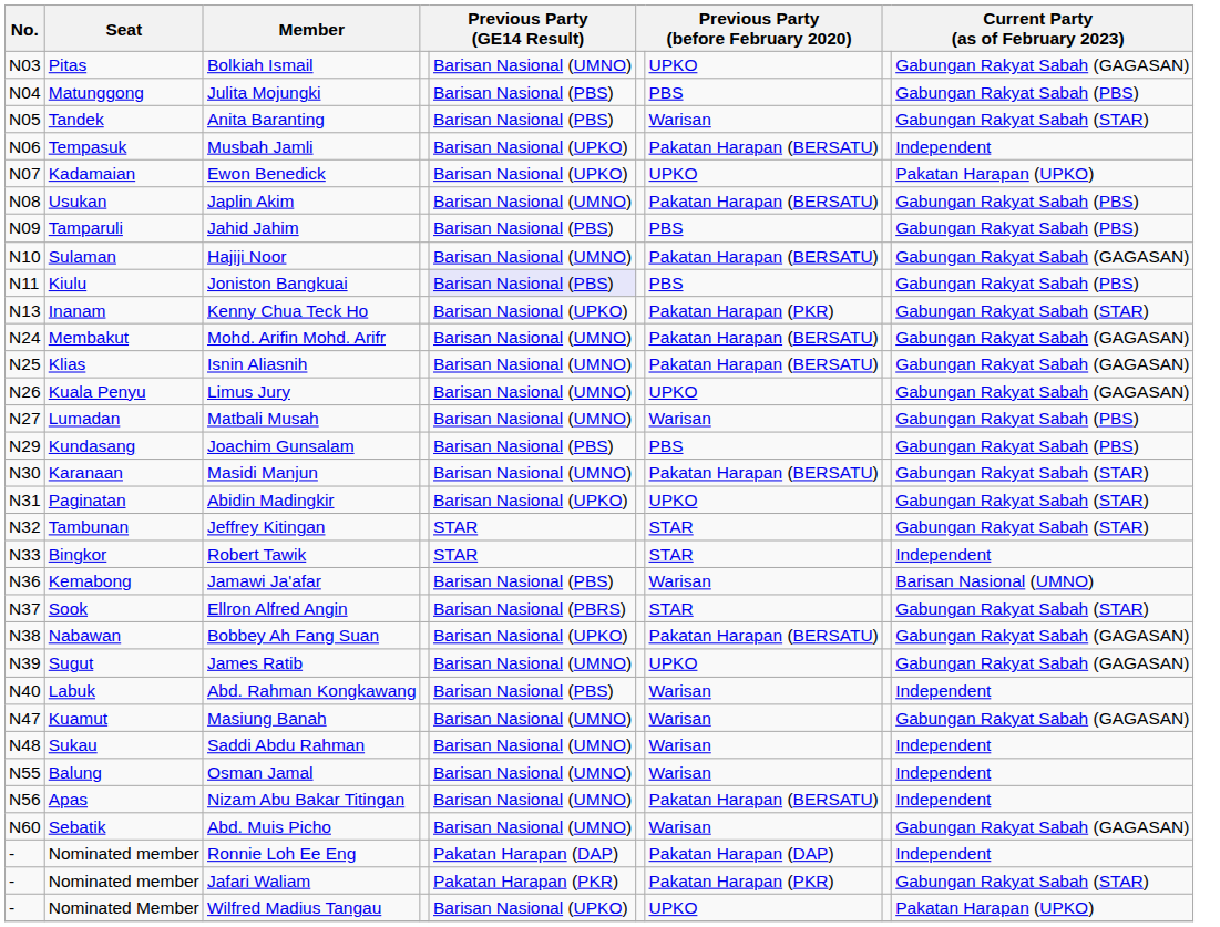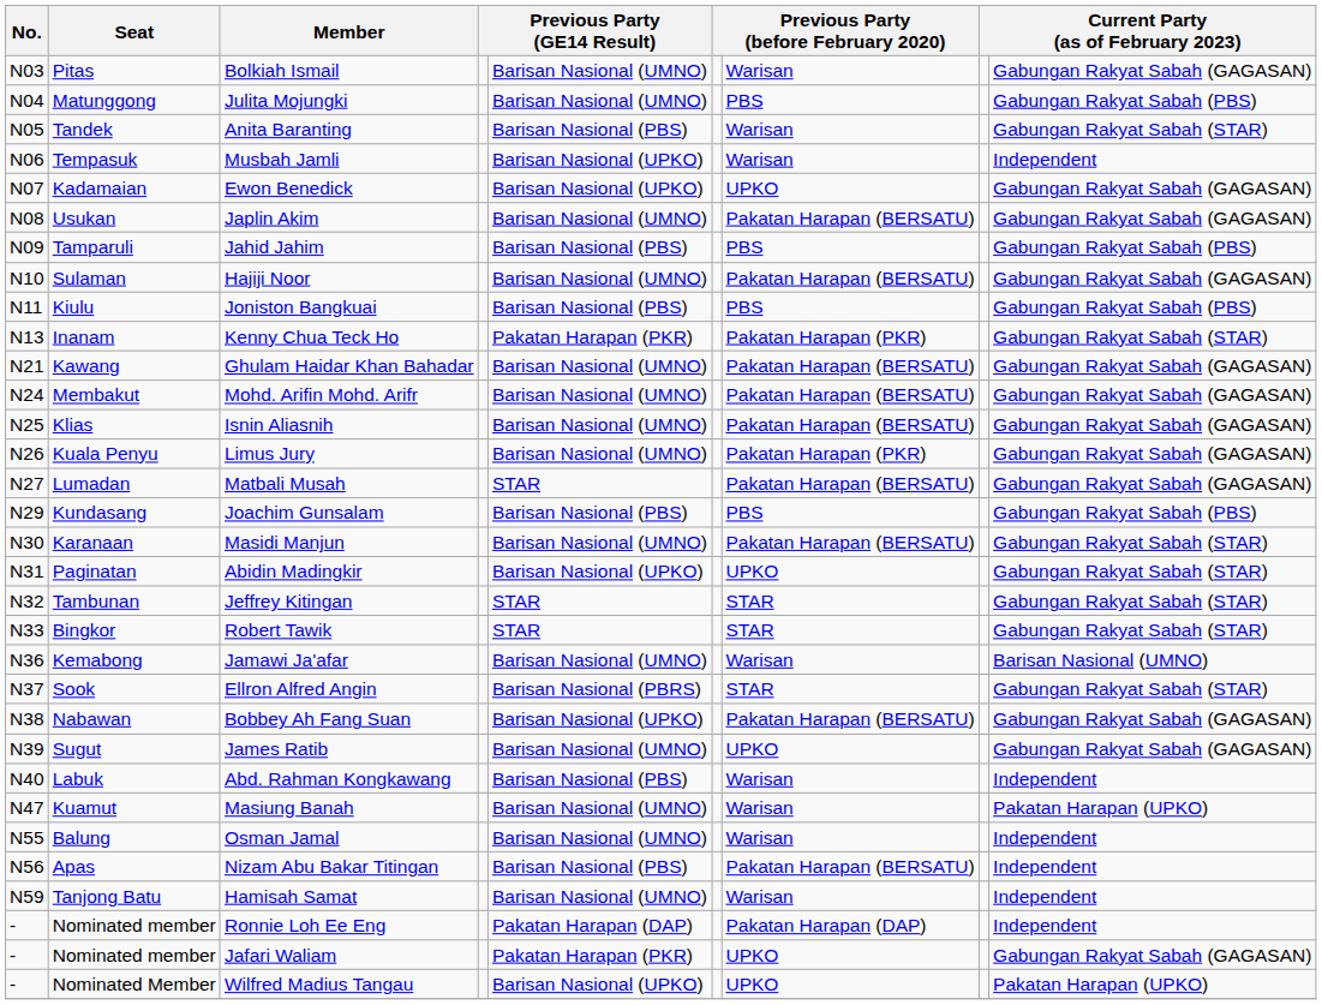 <table class="wikitable sortable mw-collapsible mw-collapsed" style="font-size:95%;">
 <tr>
 <th scope="col">No.</th>
 <th scope="col">Seat</th>
 <th scope="col">Member</th>
 <th colspan="2" scope="col">Previous Party<br>(GE14 Result)</th>
 <th colspan="2" scope="col">Previous Party<br>(before February 2020)</th>
 <th colspan="2" scope="col">Current Party<br>(as of February 2023)</th>
 </tr>
 <tr>
 <td>N03</td>
 <td><a href='#'>Pitas</a></td>
 <td><a href='#'>Bolkiah Ismail</a></td>
 <td width="1"></td>
 <td><a href='#'>Barisan Nasional</a> (<a href='#'>UMNO</a>)</td>
 <td width="1"></td>
-<td><a href='#'>UPKO</a></td>
+<td><a href='#'>Warisan</a></td>
 <td width="1"></td>
 <td><a href='#'>Gabungan Rakyat Sabah</a> (GAGASAN)</td>
 </tr>
 <tr>
 <td>N04</td>
 <td><a href='#'>Matunggong</a></td>
 <td><a href='#'>Julita Mojungki</a></td>
 <td width="1"></td>
-<td><a href='#'>Barisan Nasional</a> (<a href='#'>PBS</a>)</td>
+<td><a href='#'>Barisan Nasional</a> (<a href='#'>UMNO</a>)</td>
 <td width="1"></td>
 <td><a href='#'>PBS</a></td>
 <td width="1"></td>
 <td><a href='#'>Gabungan Rakyat Sabah</a> (<a href='#'>PBS</a>)</td>
 </tr>
 <tr>
 <td>N05</td>
 <td><a href='#'>Tandek</a></td>
 <td><a href='#'>Anita Baranting</a></td>
 <td width="1"></td>
 <td><a href='#'>Barisan Nasional</a> (<a href='#'>PBS</a>)</td>
 <td width="1"></td>
 <td><a href='#'>Warisan</a></td>
 <td width="1"></td>
 <td><a href='#'>Gabungan Rakyat Sabah</a> (<a href='#'>STAR</a>)</td>
 </tr>
 <tr>
 <td>N06</td>
 <td><a href='#'>Tempasuk</a></td>
 <td><a href='#'>Musbah Jamli</a></td>
 <td width="1"></td>
 <td><a href='#'>Barisan Nasional</a> (<a href='#'>UPKO</a>)</td>
 <td width="1"></td>
-<td><a href='#'>Pakatan Harapan</a> (<a href='#'>BERSATU</a>)</td>
+<td><a href='#'>Warisan</a></td>
 <td width="1"></td>
 <td><a href='#'>Independent</a></td>
 </tr>
 <tr>
 <td>N07</td>
 <td><a href='#'>Kadamaian</a></td>
 <td><a href='#'>Ewon Benedick</a></td>
 <td width="1"></td>
 <td><a href='#'>Barisan Nasional</a> (<a href='#'>UPKO</a>)</td>
 <td width="1"></td>
 <td><a href='#'>UPKO</a></td>
 <td width="1"></td>
-<td><a href='#'>Pakatan Harapan</a> (<a href='#'>UPKO</a>)</td>
+<td><a href='#'>Gabungan Rakyat Sabah</a> (GAGASAN)</td>
 </tr>
 <tr>
 <td>N08</td>
 <td><a href='#'>Usukan</a></td>
 <td><a href='#'>Japlin Akim</a></td>
 <td width="1"></td>
 <td><a href='#'>Barisan Nasional</a> (<a href='#'>UMNO</a>)</td>
 <td width="1"></td>
 <td><a href='#'>Pakatan Harapan</a> (<a href='#'>BERSATU</a>)</td>
 <td width="1"></td>
-<td><a href='#'>Gabungan Rakyat Sabah</a> (<a href='#'>PBS</a>)</td>
+<td><a href='#'>Gabungan Rakyat Sabah</a> (GAGASAN)</td>
 </tr>
 <tr>
 <td>N09</td>
 <td><a href='#'>Tamparuli</a></td>
 <td><a href='#'>Jahid Jahim</a></td>
 <td width="1"></td>
 <td><a href='#'>Barisan Nasional</a> (<a href='#'>PBS</a>)</td>
 <td width="1"></td>
 <td><a href='#'>PBS</a></td>
 <td width="1"></td>
 <td><a href='#'>Gabungan Rakyat Sabah</a> (<a href='#'>PBS</a>)</td>
 </tr>
 <tr>
 <td>N10</td>
 <td><a href='#'>Sulaman</a></td>
 <td><a href='#'>Hajiji Noor</a></td>
 <td width="1"></td>
 <td><a href='#'>Barisan Nasional</a> (<a href='#'>UMNO</a>)</td>
 <td width="1"></td>
 <td><a href='#'>Pakatan Harapan</a> (<a href='#'>BERSATU</a>)</td>
 <td width="1"></td>
 <td><a href='#'>Gabungan Rakyat Sabah</a> (GAGASAN)</td>
 </tr>
 <tr>
 <td>N11</td>
 <td><a href='#'>Kiulu</a></td>
 <td><a href='#'>Joniston Bangkuai</a></td>
 <td width="1"></td>
-<td style="background: lavender;"><a href='#'>Barisan Nasional</a> (<a href='#'>PBS</a>)</td>
+<td><a href='#'>Barisan Nasional</a> (<a href='#'>PBS</a>)</td>
 <td width="1"></td>
 <td><a href='#'>PBS</a></td>
 <td width="1"></td>
 <td><a href='#'>Gabungan Rakyat Sabah</a> (<a href='#'>PBS</a>)</td>
 </tr>
 <tr>
 <td>N13</td>
 <td><a href='#'>Inanam</a></td>
 <td><a href='#'>Kenny Chua Teck Ho</a></td>
 <td width="1"></td>
-<td><a href='#'>Barisan Nasional</a> (<a href='#'>UPKO</a>)</td>
+<td><a href='#'>Pakatan Harapan</a> (<a href='#'>PKR</a>)</td>
 <td width="1"></td>
 <td><a href='#'>Pakatan Harapan</a> (<a href='#'>PKR</a>)</td>
 <td width="1"></td>
 <td><a href='#'>Gabungan Rakyat Sabah</a> (<a href='#'>STAR</a>)</td>
+</tr>
+<tr>
+<td>N21</td>
+<td><a href='#'>Kawang</a></td>
+<td><a href='#'>Ghulam Haidar Khan Bahadar</a></td>
+<td width="1"></td>
+<td><a href='#'>Barisan Nasional</a> (<a href='#'>UMNO</a>)</td>
+<td width="1"></td>
+<td><a href='#'>Pakatan Harapan</a> (<a href='#'>BERSATU</a>)</td>
+<td width="1"></td>
+<td><a href='#'>Gabungan Rakyat Sabah</a> (GAGASAN)</td>
 </tr>
 <tr>
 <td>N24</td>
 <td><a href='#'>Membakut</a></td>
 <td><a href='#'>Mohd. Arifin Mohd. Arifr</a></td>
 <td width="1"></td>
 <td><a href='#'>Barisan Nasional</a> (<a href='#'>UMNO</a>)</td>
 <td width="1"></td>
 <td><a href='#'>Pakatan Harapan</a> (<a href='#'>BERSATU</a>)</td>
 <td width="1"></td>
 <td><a href='#'>Gabungan Rakyat Sabah</a> (GAGASAN)</td>
 </tr>
 <tr>
 <td>N25</td>
 <td><a href='#'>Klias</a></td>
 <td><a href='#'>Isnin Aliasnih</a></td>
 <td width="1"></td>
 <td><a href='#'>Barisan Nasional</a> (<a href='#'>UMNO</a>)</td>
 <td width="1"></td>
 <td><a href='#'>Pakatan Harapan</a> (<a href='#'>BERSATU</a>)</td>
 <td width="1"></td>
 <td><a href='#'>Gabungan Rakyat Sabah</a> (GAGASAN)</td>
 </tr>
 <tr>
 <td>N26</td>
 <td><a href='#'>Kuala Penyu</a></td>
 <td><a href='#'>Limus Jury</a></td>
 <td width="1"></td>
 <td><a href='#'>Barisan Nasional</a> (<a href='#'>UMNO</a>)</td>
 <td width="1"></td>
-<td><a href='#'>UPKO</a></td>
+<td><a href='#'>Pakatan Harapan</a> (<a href='#'>PKR</a>)</td>
 <td width="1"></td>
 <td><a href='#'>Gabungan Rakyat Sabah</a> (GAGASAN)</td>
 </tr>
 <tr>
 <td>N27</td>
 <td><a href='#'>Lumadan</a></td>
 <td><a href='#'>Matbali Musah</a></td>
 <td width="1"></td>
-<td><a href='#'>Barisan Nasional</a> (<a href='#'>UMNO</a>)</td>
+<td><a href='#'>STAR</a></td>
 <td width="1"></td>
-<td><a href='#'>Warisan</a></td>
+<td><a href='#'>Pakatan Harapan</a> (<a href='#'>BERSATU</a>)</td>
 <td width="1"></td>
-<td><a href='#'>Gabungan Rakyat Sabah</a> (<a href='#'>PBS</a>)</td>
+<td><a href='#'>Gabungan Rakyat Sabah</a> (GAGASAN)</td>
 </tr>
 <tr>
 <td>N29</td>
 <td><a href='#'>Kundasang</a></td>
 <td><a href='#'>Joachim Gunsalam</a></td>
 <td width="1"></td>
 <td><a href='#'>Barisan Nasional</a> (<a href='#'>PBS</a>)</td>
 <td width="1"></td>
 <td><a href='#'>PBS</a></td>
 <td width="1"></td>
 <td><a href='#'>Gabungan Rakyat Sabah</a> (<a href='#'>PBS</a>)</td>
 </tr>
 <tr>
 <td>N30</td>
 <td><a href='#'>Karanaan</a></td>
 <td><a href='#'>Masidi Manjun</a></td>
 <td width="1"></td>
 <td><a href='#'>Barisan Nasional</a> (<a href='#'>UMNO</a>)</td>
 <td width="1"></td>
 <td><a href='#'>Pakatan Harapan</a> (<a href='#'>BERSATU</a>)</td>
 <td width="1"></td>
 <td><a href='#'>Gabungan Rakyat Sabah</a> (<a href='#'>STAR</a>)</td>
 </tr>
 <tr>
 <td>N31</td>
 <td><a href='#'>Paginatan</a></td>
 <td><a href='#'>Abidin Madingkir</a></td>
 <td width="1"></td>
 <td><a href='#'>Barisan Nasional</a> (<a href='#'>UPKO</a>)</td>
 <td width="1"></td>
 <td><a href='#'>UPKO</a></td>
 <td width="1"></td>
 <td><a href='#'>Gabungan Rakyat Sabah</a> (<a href='#'>STAR</a>)</td>
 </tr>
 <tr>
 <td>N32</td>
 <td><a href='#'>Tambunan</a></td>
 <td><a href='#'>Jeffrey Kitingan</a></td>
 <td width="1"></td>
 <td><a href='#'>STAR</a></td>
 <td width="1"></td>
 <td><a href='#'>STAR</a></td>
 <td width="1"></td>
 <td><a href='#'>Gabungan Rakyat Sabah</a> (<a href='#'>STAR</a>)</td>
 </tr>
 <tr>
 <td>N33</td>
 <td><a href='#'>Bingkor</a></td>
 <td><a href='#'>Robert Tawik</a></td>
 <td width="1"></td>
 <td><a href='#'>STAR</a></td>
 <td width="1"></td>
 <td><a href='#'>STAR</a></td>
 <td width="1"></td>
-<td><a href='#'>Independent</a></td>
+<td><a href='#'>Gabungan Rakyat Sabah</a> (<a href='#'>STAR</a>)</td>
 </tr>
 <tr>
 <td>N36</td>
 <td><a href='#'>Kemabong</a></td>
 <td><a href='#'>Jamawi Ja'afar</a></td>
 <td width="1"></td>
-<td><a href='#'>Barisan Nasional</a> (<a href='#'>PBS</a>)</td>
+<td><a href='#'>Barisan Nasional</a> (<a href='#'>UMNO</a>)</td>
 <td width="1"></td>
 <td><a href='#'>Warisan</a></td>
 <td width="1"></td>
 <td><a href='#'>Barisan Nasional</a> (<a href='#'>UMNO</a>)</td>
 </tr>
 <tr>
 <td>N37</td>
 <td><a href='#'>Sook</a></td>
 <td><a href='#'>Ellron Alfred Angin</a></td>
 <td width="1"></td>
 <td><a href='#'>Barisan Nasional</a> (<a href='#'>PBRS</a>)</td>
 <td width="1"></td>
 <td><a href='#'>STAR</a></td>
 <td width="1"></td>
 <td><a href='#'>Gabungan Rakyat Sabah</a> (<a href='#'>STAR</a>)</td>
 </tr>
 <tr>
 <td>N38</td>
 <td><a href='#'>Nabawan</a></td>
 <td><a href='#'>Bobbey Ah Fang Suan</a></td>
 <td width="1"></td>
 <td><a href='#'>Barisan Nasional</a> (<a href='#'>UPKO</a>)</td>
 <td width="1"></td>
 <td><a href='#'>Pakatan Harapan</a> (<a href='#'>BERSATU</a>)</td>
 <td width="1"></td>
 <td><a href='#'>Gabungan Rakyat Sabah</a> (GAGASAN)</td>
 </tr>
 <tr>
 <td>N39</td>
 <td><a href='#'>Sugut</a></td>
 <td><a href='#'>James Ratib</a></td>
 <td width="1"></td>
 <td><a href='#'>Barisan Nasional</a> (<a href='#'>UMNO</a>)</td>
 <td width="1"></td>
 <td><a href='#'>UPKO</a></td>
 <td width="1"></td>
 <td><a href='#'>Gabungan Rakyat Sabah</a> (GAGASAN)</td>
 </tr>
 <tr>
 <td>N40</td>
 <td><a href='#'>Labuk</a></td>
 <td><a href='#'>Abd. Rahman Kongkawang</a></td>
 <td width="1"></td>
 <td><a href='#'>Barisan Nasional</a> (<a href='#'>PBS</a>)</td>
 <td width="1"></td>
 <td><a href='#'>Warisan</a></td>
 <td width="1"></td>
 <td><a href='#'>Independent</a></td>
 </tr>
 <tr>
 <td>N47</td>
 <td><a href='#'>Kuamut</a></td>
 <td><a href='#'>Masiung Banah</a></td>
 <td width="1"></td>
 <td><a href='#'>Barisan Nasional</a> (<a href='#'>UMNO</a>)</td>
 <td width="1"></td>
 <td><a href='#'>Warisan</a></td>
 <td width="1"></td>
-<td><a href='#'>Gabungan Rakyat Sabah</a> (GAGASAN)</td>
-</tr>
-<tr>
-<td>N48</td>
-<td><a href='#'>Sukau</a></td>
-<td><a href='#'>Saddi Abdu Rahman</a></td>
-<td width="1"></td>
-<td><a href='#'>Barisan Nasional</a> (<a href='#'>UMNO</a>)</td>
-<td width="1"></td>
-<td><a href='#'>Warisan</a></td>
-<td width="1"></td>
-<td><a href='#'>Independent</a></td>
+<td><a href='#'>Pakatan Harapan</a> (<a href='#'>UPKO</a>)</td>
 </tr>
 <tr>
 <td>N55</td>
 <td><a href='#'>Balung</a></td>
 <td><a href='#'>Osman Jamal</a></td>
 <td width="1"></td>
 <td><a href='#'>Barisan Nasional</a> (<a href='#'>UMNO</a>)</td>
 <td width="1"></td>
 <td><a href='#'>Warisan</a></td>
 <td width="1"></td>
 <td><a href='#'>Independent</a></td>
 </tr>
 <tr>
 <td>N56</td>
 <td><a href='#'>Apas</a></td>
 <td><a href='#'>Nizam Abu Bakar Titingan</a></td>
 <td width="1"></td>
-<td><a href='#'>Barisan Nasional</a> (<a href='#'>UMNO</a>)</td>
+<td><a href='#'>Barisan Nasional</a> (<a href='#'>PBS</a>)</td>
 <td width="1"></td>
 <td><a href='#'>Pakatan Harapan</a> (<a href='#'>BERSATU</a>)</td>
 <td width="1"></td>
 <td><a href='#'>Independent</a></td>
 </tr>
 <tr>
-<td>N60</td>
-<td><a href='#'>Sebatik</a></td>
-<td><a href='#'>Abd. Muis Picho</a></td>
+<td>N59</td>
+<td><a href='#'>Tanjong Batu</a></td>
+<td><a href='#'>Hamisah Samat</a></td>
 <td width="1"></td>
 <td><a href='#'>Barisan Nasional</a> (<a href='#'>UMNO</a>)</td>
 <td width="1"></td>
 <td><a href='#'>Warisan</a></td>
 <td width="1"></td>
-<td><a href='#'>Gabungan Rakyat Sabah</a> (GAGASAN)</td>
+<td><a href='#'>Independent</a></td>
 </tr>
 <tr>
 <td>-</td>
 <td>Nominated member</td>
 <td><a href='#'>Ronnie Loh Ee Eng</a></td>
 <td width="1"></td>
 <td><a href='#'>Pakatan Harapan</a> (<a href='#'>DAP</a>)</td>
 <td width="1"></td>
 <td><a href='#'>Pakatan Harapan</a> (<a href='#'>DAP</a>)</td>
 <td width="1"></td>
 <td><a href='#'>Independent</a></td>
 </tr>
 <tr>
 <td>-</td>
 <td>Nominated member</td>
 <td><a href='#'>Jafari Waliam</a></td>
 <td width="1"></td>
 <td><a href='#'>Pakatan Harapan</a> (<a href='#'>PKR</a>)</td>
 <td width="1"></td>
-<td><a href='#'>Pakatan Harapan</a> (<a href='#'>PKR</a>)</td>
+<td><a href='#'>UPKO</a></td>
 <td width="1"></td>
-<td><a href='#'>Gabungan Rakyat Sabah</a> (<a href='#'>STAR</a>)</td>
+<td><a href='#'>Gabungan Rakyat Sabah</a> (GAGASAN)</td>
 </tr>
 <tr>
 <td>-</td>
 <td>Nominated Member</td>
 <td><a href='#'>Wilfred Madius Tangau</a></td>
 <td width="1"></td>
 <td><a href='#'>Barisan Nasional</a> (<a href='#'>UPKO</a>)</td>
 <td width="1"></td>
 <td><a href='#'>UPKO</a></td>
 <td width="1"></td>
 <td><a href='#'>Pakatan Harapan</a> (<a href='#'>UPKO</a>)</td>
 </tr>
 <tr>
 </tr>
 </table>
